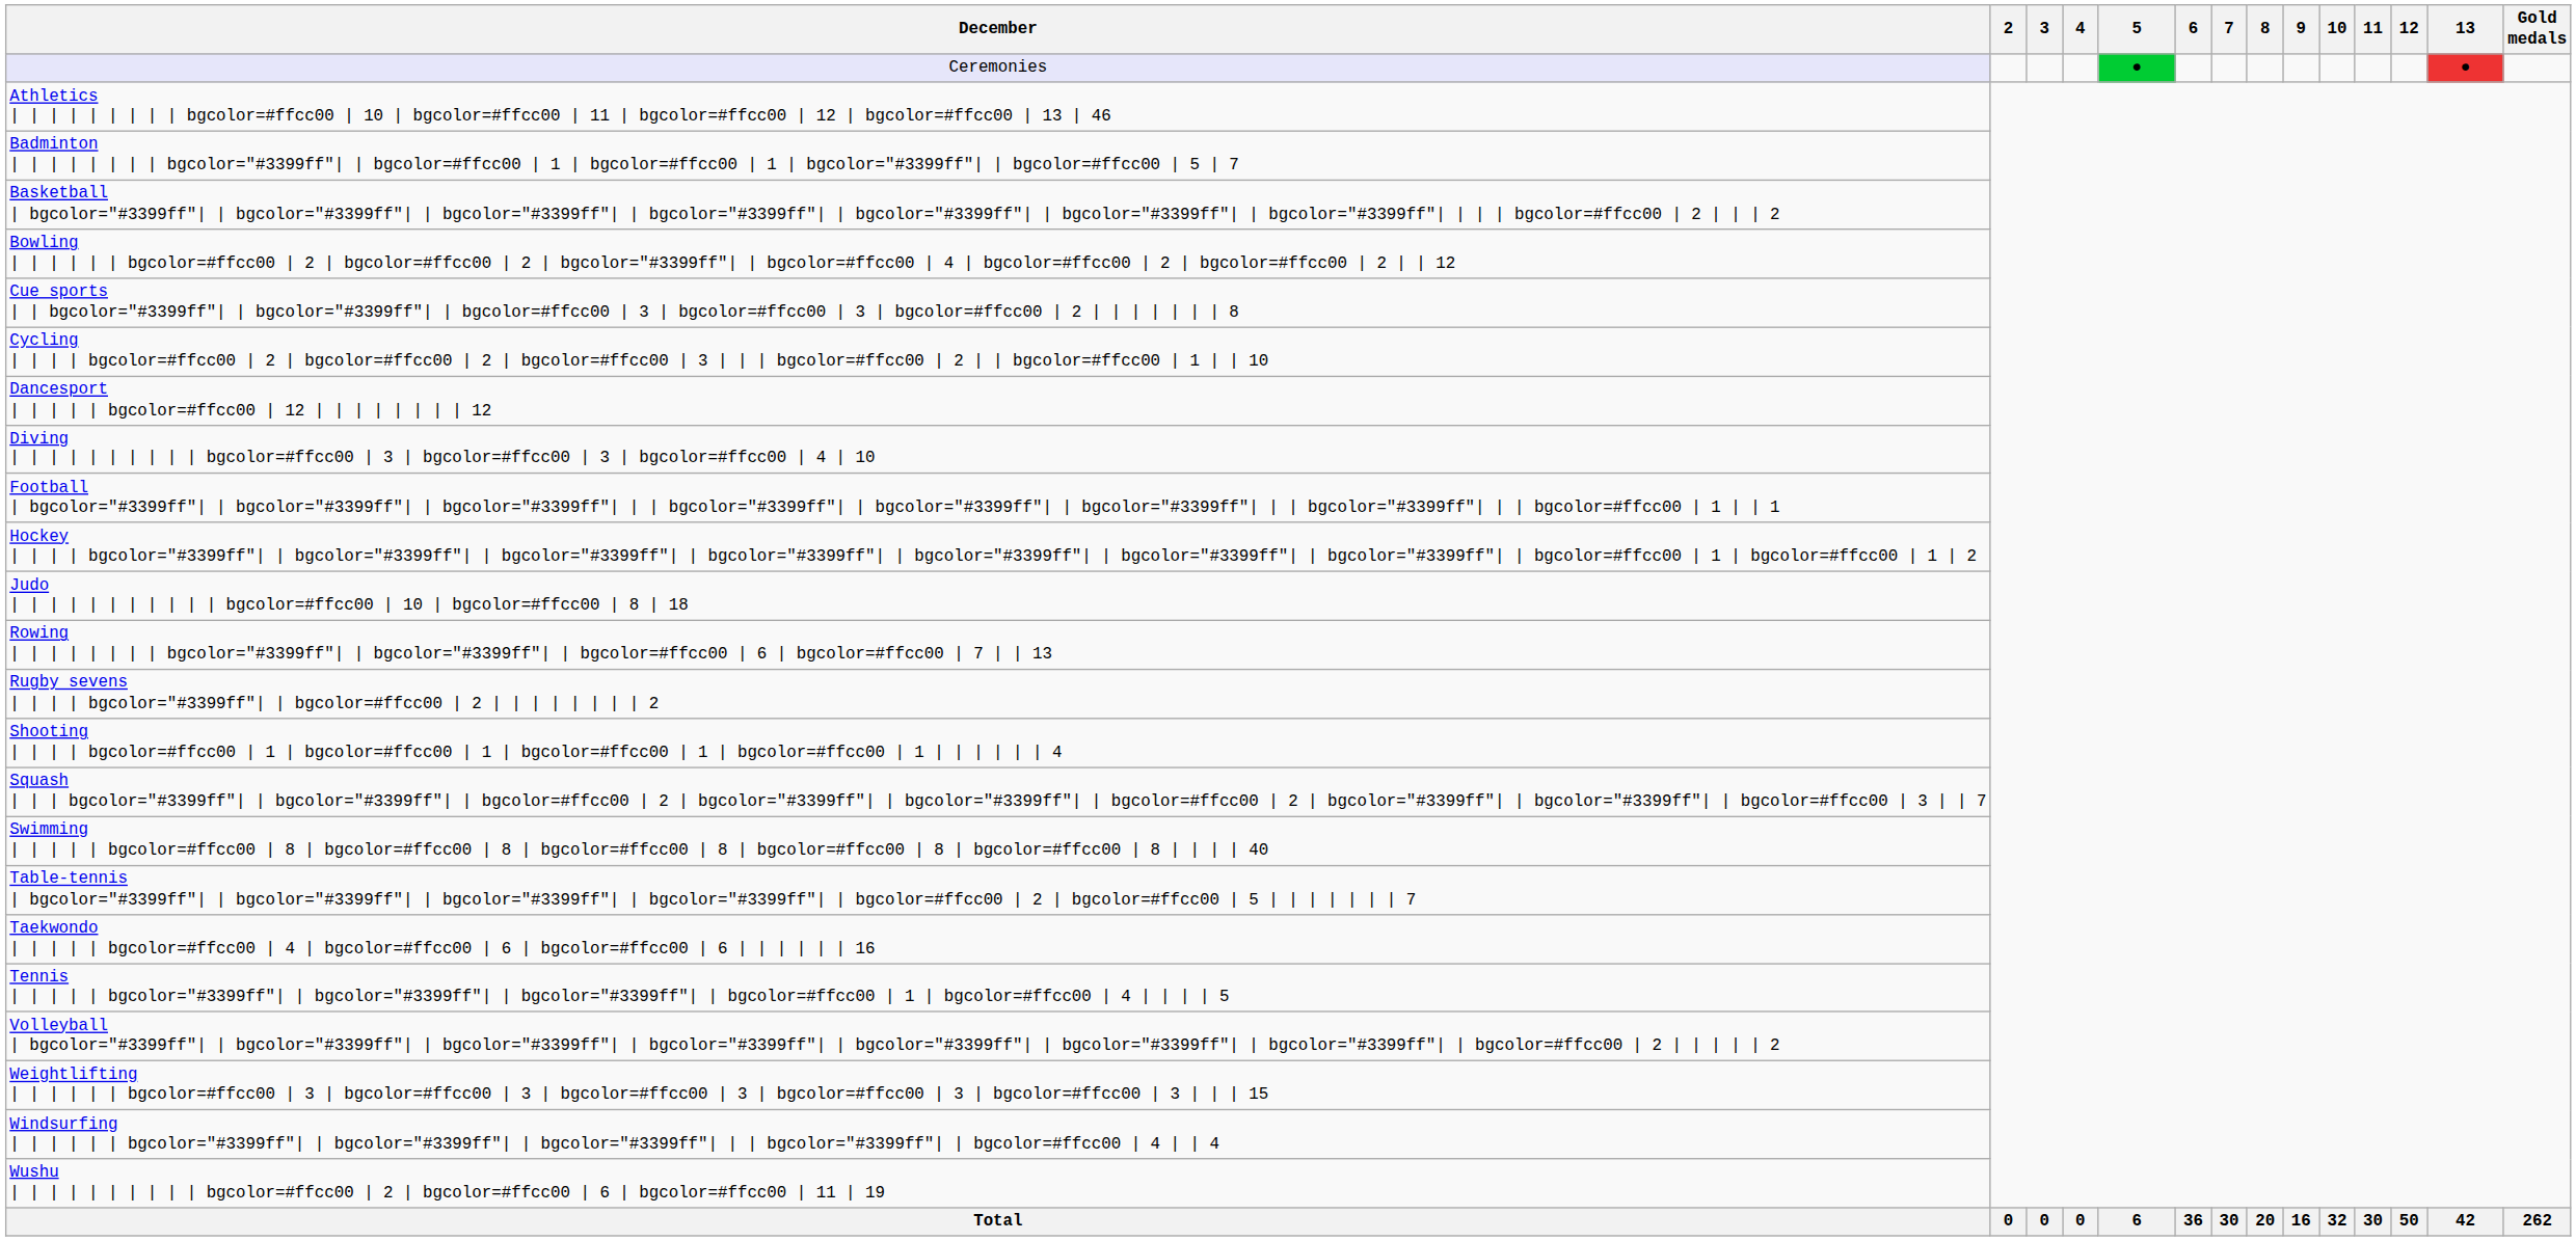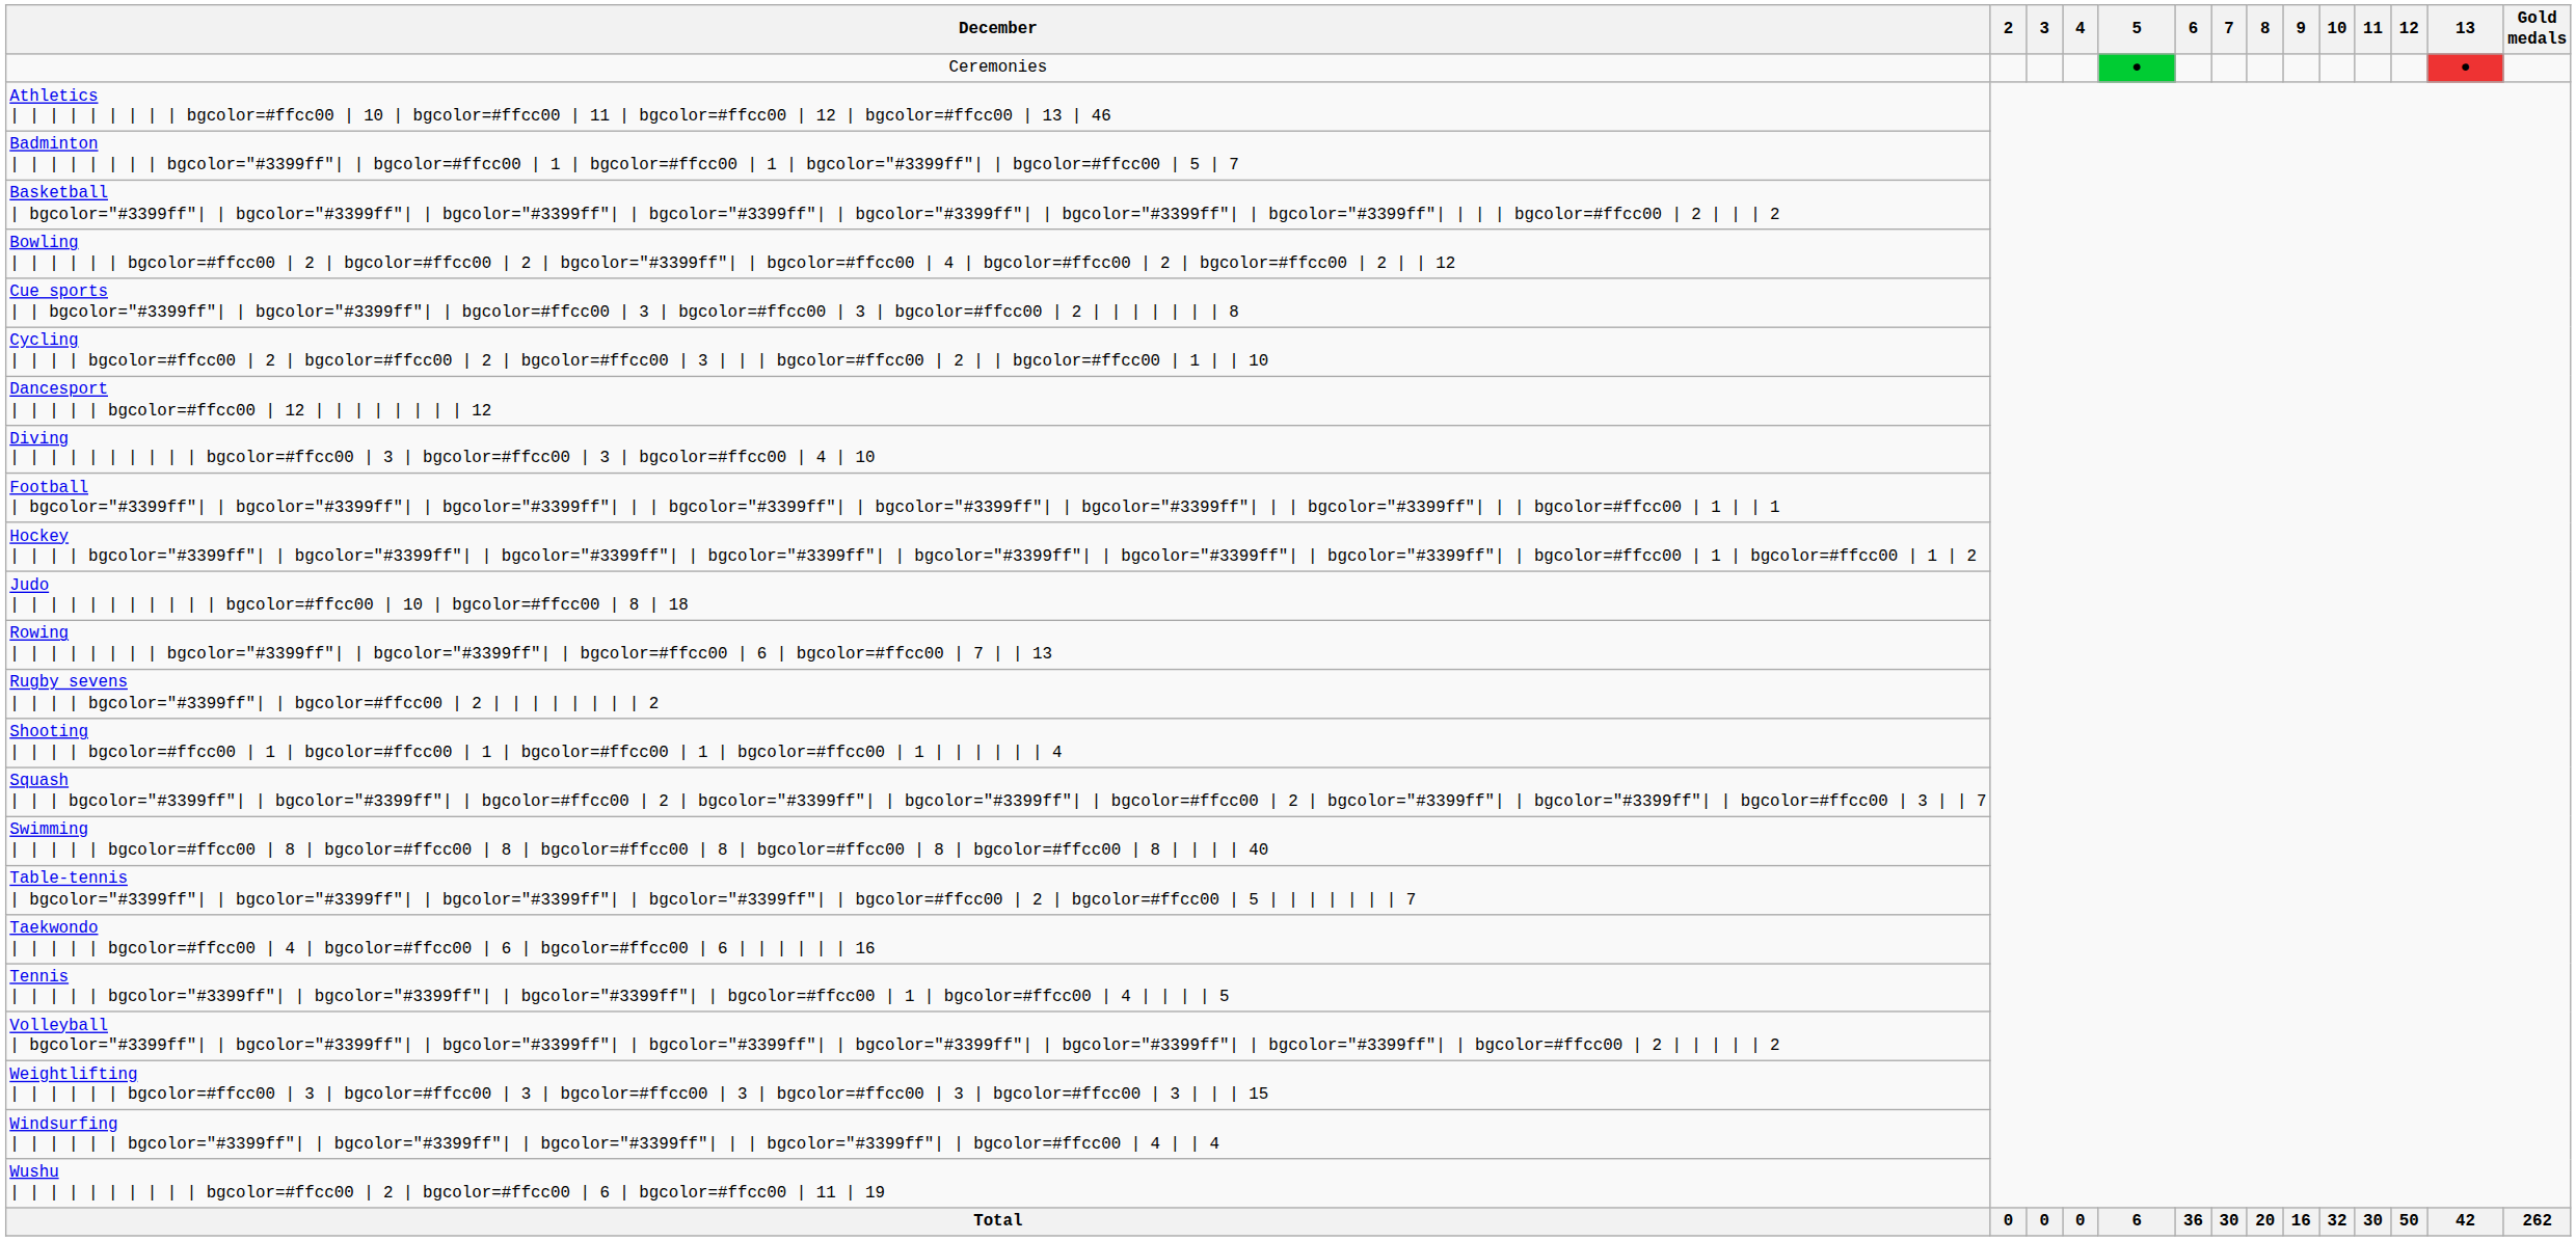 <table class="wikitable" style="margin:0.5em auto; font-size:90%; line-height:1.25em; text-align:center">
 <tr>
 <th>December</th>
 <th width=20px>2</th>
 <th width=20px>3</th>
 <th width=20px>4</th>
 <th width=20px>5</th>
 <th width=20px>6</th>
 <th width=20px>7</th>
 <th width=20px>8</th>
 <th width=20px>9</th>
 <th width=20px>10</th>
 <th width=20px>11</th>
 <th width=20px>12</th>
 <th width=20px>13</th>
 <th width=20px>Gold medals</th>
 </tr>
 <tr>
-<td style="background: lavender;">Ceremonies</td>
+<td>Ceremonies</td>
 <td></td>
 <td></td>
 <td></td>
 <td bgcolor=#00cc33>   ●   </td>
 <td></td>
 <td></td>
 <td></td>
 <td></td>
 <td></td>
 <td></td>
 <td></td>
 <td bgcolor=#ee3333>   ●   </td>
 <td></td>
 </tr>
 <tr align="center">
 <td align="left"><a href='#'>Athletics</a><br>|  |  |  |  |  |  |  |  | bgcolor=#ffcc00 | 10 | bgcolor=#ffcc00 | 11 | bgcolor=#ffcc00 | 12 | bgcolor=#ffcc00 | 13 | 46</td>
 </tr>
 <tr align="center">
 <td align="left"><a href='#'>Badminton</a><br>|  |  |  |  |  |  |  | bgcolor="#3399ff"| | bgcolor=#ffcc00 | 1 | bgcolor=#ffcc00 | 1 | bgcolor="#3399ff"| | bgcolor=#ffcc00 | 5 | 7</td>
 </tr>
 <tr align="center">
 <td align="left"><a href='#'>Basketball</a><br>| bgcolor="#3399ff"| | bgcolor="#3399ff"| | bgcolor="#3399ff"| | bgcolor="#3399ff"| | bgcolor="#3399ff"| | bgcolor="#3399ff"| | bgcolor="#3399ff"| |  |  | bgcolor=#ffcc00 | 2 |  |  | 2</td>
 </tr>
 <tr align="center">
 <td align="left"><a href='#'>Bowling</a><br>|  |  |  |  |  | bgcolor=#ffcc00 | 2 | bgcolor=#ffcc00 | 2 | bgcolor="#3399ff"| | bgcolor=#ffcc00 | 4 | bgcolor=#ffcc00 | 2 | bgcolor=#ffcc00 | 2 |  | 12</td>
 </tr>
 <tr align="center">
 <td align="left"><a href='#'>Cue sports</a><br>|  | bgcolor="#3399ff"| | bgcolor="#3399ff"| | bgcolor=#ffcc00 | 3 | bgcolor=#ffcc00 | 3 | bgcolor=#ffcc00 | 2 |  |  |  |  |  |  | 8</td>
 </tr>
 <tr align="center">
 <td align="left"><a href='#'>Cycling</a><br>|  |  |  | bgcolor=#ffcc00 | 2 | bgcolor=#ffcc00 | 2 | bgcolor=#ffcc00 | 3 |  |  | bgcolor=#ffcc00 | 2 |  | bgcolor=#ffcc00 | 1 |  | 10</td>
 </tr>
 <tr align="center">
 <td align="left"><a href='#'>Dancesport</a><br>|  |  |  |  | bgcolor=#ffcc00 | 12 |  |  |  |  |  |  |  | 12</td>
 </tr>
 <tr align="center">
 <td align="left"><a href='#'>Diving</a><br>|  |  |  |  |  |  |  |  |  | bgcolor=#ffcc00 | 3 | bgcolor=#ffcc00 | 3 | bgcolor=#ffcc00 | 4 | 10</td>
 </tr>
 <tr align="center">
 <td align="left"><a href='#'>Football</a><br>| bgcolor="#3399ff"| | bgcolor="#3399ff"| | bgcolor="#3399ff"| |  | bgcolor="#3399ff"| | bgcolor="#3399ff"| | bgcolor="#3399ff"| |  | bgcolor="#3399ff"| |  | bgcolor=#ffcc00 | 1 |  | 1</td>
 </tr>
 <tr align="center">
 <td align="left"><a href='#'>Hockey</a><br>|  |  |  | bgcolor="#3399ff"| | bgcolor="#3399ff"| | bgcolor="#3399ff"| | bgcolor="#3399ff"| | bgcolor="#3399ff"| | bgcolor="#3399ff"| | bgcolor="#3399ff"| | bgcolor=#ffcc00 | 1 | bgcolor=#ffcc00 | 1 | 2</td>
 </tr>
 <tr align="center">
 <td align="left"><a href='#'>Judo</a><br>|  |  |  |  |  |  |  |  |  |  | bgcolor=#ffcc00 | 10 | bgcolor=#ffcc00 | 8 | 18</td>
 </tr>
 <tr align="center">
 <td align="left"><a href='#'>Rowing</a><br>|  |  |  |  |  |  |  | bgcolor="#3399ff"| | bgcolor="#3399ff"| | bgcolor=#ffcc00 | 6 | bgcolor=#ffcc00 | 7 |  | 13</td>
 </tr>
 <tr align="center">
 <td align="left"><a href='#'>Rugby sevens</a><br>|  |  |  | bgcolor="#3399ff"| | bgcolor=#ffcc00 | 2 |  |  |  |  |  |  |  | 2</td>
 </tr>
 <tr align="center">
 <td align="left"><a href='#'>Shooting</a><br>|  |  |  | bgcolor=#ffcc00 | 1 | bgcolor=#ffcc00 | 1 | bgcolor=#ffcc00 | 1 | bgcolor=#ffcc00 | 1 |  |  |  |  |  | 4</td>
 </tr>
 <tr align="center">
 <td align="left"><a href='#'>Squash</a><br>|  |  | bgcolor="#3399ff"| | bgcolor="#3399ff"| | bgcolor=#ffcc00 | 2 | bgcolor="#3399ff"| | bgcolor="#3399ff"| | bgcolor=#ffcc00 | 2 | bgcolor="#3399ff"| | bgcolor="#3399ff"| | bgcolor=#ffcc00 | 3 |  | 7</td>
 </tr>
 <tr align="center">
 <td align="left"><a href='#'>Swimming</a><br>|  |  |  |  | bgcolor=#ffcc00 | 8 | bgcolor=#ffcc00 | 8 | bgcolor=#ffcc00 | 8 | bgcolor=#ffcc00 | 8 | bgcolor=#ffcc00 | 8 |  |  |  | 40</td>
 </tr>
 <tr align="center">
 <td align="left"><a href='#'>Table-tennis</a><br>| bgcolor="#3399ff"| | bgcolor="#3399ff"| | bgcolor="#3399ff"| | bgcolor="#3399ff"| | bgcolor=#ffcc00 | 2 | bgcolor=#ffcc00 | 5 |  |  |  |  |  |  | 7</td>
 </tr>
 <tr align="center">
 <td align="left"><a href='#'>Taekwondo</a><br>|  |  |  |  | bgcolor=#ffcc00 | 4 | bgcolor=#ffcc00 | 6 | bgcolor=#ffcc00 | 6 |  |  |  |  |  | 16</td>
 </tr>
 <tr align="center">
 <td align="left"><a href='#'>Tennis</a><br>|  |  |  |  | bgcolor="#3399ff"| | bgcolor="#3399ff"| | bgcolor="#3399ff"| | bgcolor=#ffcc00 | 1 | bgcolor=#ffcc00 | 4 |  |  |  | 5</td>
 </tr>
 <tr align="center">
 <td align="left"><a href='#'>Volleyball</a><br>| bgcolor="#3399ff"| | bgcolor="#3399ff"| | bgcolor="#3399ff"| | bgcolor="#3399ff"| | bgcolor="#3399ff"| | bgcolor="#3399ff"| | bgcolor="#3399ff"| | bgcolor=#ffcc00 | 2 |  |  |  |  | 2</td>
 </tr>
 <tr align="center">
 <td align="left"><a href='#'>Weightlifting</a><br>|  |  |  |  |  | bgcolor=#ffcc00 | 3 | bgcolor=#ffcc00 | 3 | bgcolor=#ffcc00 | 3 | bgcolor=#ffcc00 | 3 | bgcolor=#ffcc00 | 3 |  |  | 15</td>
 </tr>
 <tr align="center">
 <td align="left"><a href='#'>Windsurfing</a><br>|  |  |  |  |  | bgcolor="#3399ff"| | bgcolor="#3399ff"| | bgcolor="#3399ff"| |  | bgcolor="#3399ff"| | bgcolor=#ffcc00 | 4 |  | 4</td>
 </tr>
 <tr align="center">
 <td align="left"><a href='#'>Wushu</a><br>|  |  |  |  |  |  |  |  |  | bgcolor=#ffcc00 | 2 | bgcolor=#ffcc00 | 6 | bgcolor=#ffcc00 | 11 | 19</td>
 </tr>
 <tr>
 <th>Total</th>
 <th>0</th>
 <th>0</th>
 <th>0</th>
 <th>6</th>
 <th>36</th>
 <th>30</th>
 <th>20</th>
 <th>16</th>
 <th>32</th>
 <th>30</th>
 <th>50</th>
 <th>42</th>
 <th>262</th>
 </tr>
 </table>
